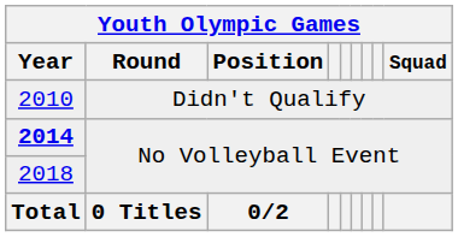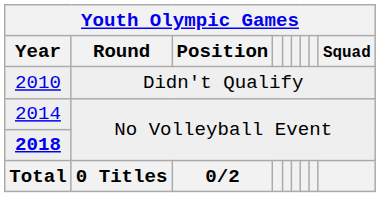 <table class="wikitable" style="text-align: center;">
 <tr>
 <th colspan=9><a href='#'>Youth Olympic Games</a></th>
 </tr>
 <tr>
 <th>Year</th>
 <th>Round</th>
 <th>Position</th>
 <th></th>
 <th></th>
 <th></th>
 <th></th>
 <th></th>
 <th><small>Squad</small></th>
 </tr>
 <tr bgcolor="efefef">
 <td> <a href='#'>2010</a></td>
 <td colspan=9>Didn't Qualify</td>
 </tr>
 <tr bgcolor="efefef">
-<td><strong> <a href='#'>2014</a></strong></td>
+<td> <a href='#'>2014</a></td>
 <td colspan=9 rowspan=2 align=center>No Volleyball Event</td>
 </tr>
 <tr bgcolor="efefef">
-<td> <a href='#'>2018</a></td>
+<td><strong> <a href='#'>2018</a></strong></td>
 </tr>
 <tr>
 <th>Total</th>
 <th>0 Titles</th>
 <th>0/2</th>
 <th></th>
 <th></th>
 <th></th>
 <th></th>
 <th></th>
 <th></th>
 </tr>
 </table>
